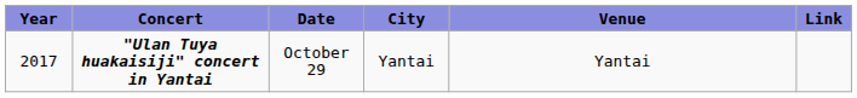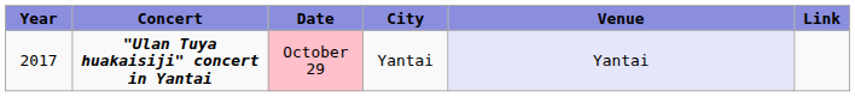 <table class="wikitable sortable mw-collapsible" width="80%" style="text-align:center">
 <tr align="center" style="background:#8B8EDE">
 <td style="width:2%"><strong>Year</strong></td>
 <td style="width:8%"><strong>Concert</strong></td>
 <td style="width:2%"><strong>Date</strong></td>
 <td style="width:2%"><strong>City</strong></td>
 <td style="width:18%"><strong>Venue</strong></td>
 <td style="width:1%"><strong>Link</strong></td>
 </tr>
 <tr>
 <td rowspan="2">2017</td>
 <td rowspan="2"><strong><em>"Ulan Tuya huakaisiji" concert in Yantai</em></strong></td>
-<td>October 29</td>
+<td style="background: pink;">October 29</td>
 <td>Yantai</td>
-<td>Yantai</td>
+<td style="background: lavender;">Yantai</td>
 <td></td>
 </tr>
 </table>
